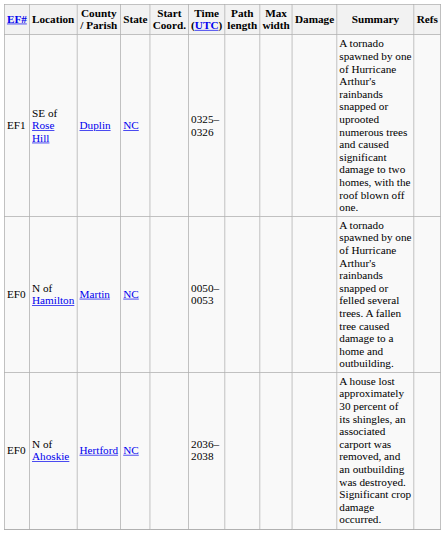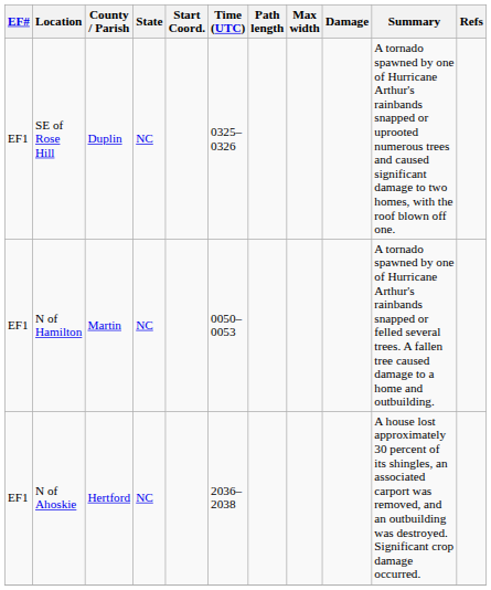 <table class="wikitable sortable" style="width:100%;">
 <tr>
 <th scope="col" width="3%" align="center"><a href='#'>EF#</a></th>
 <th scope="col" width="7%" align="center" class="unsortable">Location</th>
 <th scope="col" width="6%" align="center" class="unsortable">County / Parish</th>
 <th scope="col" width="5%" align="center">State</th>
 <th scope="col" width="6%" align="center">Start Coord.</th>
 <th scope="col" width="6%" align="center">Time (<a href='#'>UTC</a>)</th>
 <th scope="col" width="6%" align="center">Path length</th>
 <th scope="col" width="6%" align="center">Max width</th>
 <th scope="col" width="6%" align="center">Damage</th>
 <th scope="col" width="48%" class="unsortable" align="center">Summary</th>
 <th scope="col" width="48%" class="unsortable" align="center">Refs</th>
 </tr>
 <tr>
 <td>EF1</td>
 <td>SE of <a href='#'>Rose Hill</a></td>
 <td><a href='#'>Duplin</a></td>
 <td><a href='#'>NC</a></td>
 <td></td>
 <td>0325–0326</td>
 <td></td>
 <td></td>
 <td></td>
 <td>A tornado spawned by one of Hurricane Arthur's rainbands snapped or uprooted numerous trees and caused significant damage to two homes, with the roof blown off one.</td>
 <td></td>
 </tr>
 <tr>
-<td>EF0</td>
+<td>EF1</td>
 <td>N of <a href='#'>Hamilton</a></td>
 <td><a href='#'>Martin</a></td>
 <td><a href='#'>NC</a></td>
 <td></td>
 <td>0050–0053</td>
 <td></td>
 <td></td>
 <td></td>
 <td>A tornado spawned by one of Hurricane Arthur's rainbands snapped or felled several trees. A fallen tree caused damage to a home and outbuilding.</td>
 <td></td>
 </tr>
 <tr>
-<td>EF0</td>
+<td>EF1</td>
 <td>N of <a href='#'>Ahoskie</a></td>
 <td><a href='#'>Hertford</a></td>
 <td><a href='#'>NC</a></td>
 <td></td>
 <td>2036–2038</td>
 <td></td>
 <td></td>
 <td></td>
 <td>A house lost approximately 30 percent of its shingles, an associated carport was removed, and an outbuilding was destroyed. Significant crop damage occurred.</td>
 <td></td>
 </tr>
 <tr>
 </tr>
 </table>
